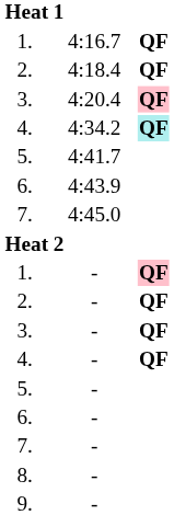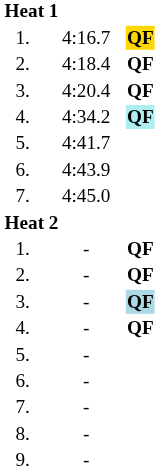 <table style="text-align:center">
 <tr>
 <td colspan=4 align=left><strong>Heat 1</strong></td>
 </tr>
 <tr>
 <td width=30>1.</td>
 <td align=left></td>
 <td width=60>4:16.7</td>
-<td><strong>QF</strong></td>
+<td style="background: gold;"><strong>QF</strong></td>
 </tr>
 <tr>
 <td>2.</td>
 <td align=left></td>
 <td>4:18.4</td>
 <td><strong>QF</strong></td>
 </tr>
 <tr>
 <td>3.</td>
 <td align=left></td>
 <td>4:20.4</td>
-<td style="background: pink;"><strong>QF</strong></td>
+<td><strong>QF</strong></td>
 </tr>
 <tr>
 <td>4.</td>
 <td align=left></td>
 <td>4:34.2</td>
 <td style="background: paleturquoise;"><strong>QF</strong></td>
 </tr>
 <tr>
 <td>5.</td>
 <td align=left></td>
 <td>4:41.7</td>
 <td></td>
 </tr>
 <tr>
 <td>6.</td>
 <td align=left></td>
 <td>4:43.9</td>
 <td></td>
 </tr>
 <tr>
 <td>7.</td>
 <td align=left></td>
 <td>4:45.0</td>
 <td></td>
 </tr>
 <tr>
 <td colspan=4 align=left><strong>Heat 2</strong></td>
 </tr>
 <tr>
 <td>1.</td>
 <td align=left></td>
 <td>-</td>
-<td style="background: pink;"><strong>QF</strong></td>
+<td><strong>QF</strong></td>
 </tr>
 <tr>
 <td>2.</td>
 <td align=left></td>
 <td>-</td>
 <td><strong>QF</strong></td>
 </tr>
 <tr>
 <td>3.</td>
 <td align=left></td>
 <td>-</td>
-<td><strong>QF</strong></td>
+<td style="background: lightblue;"><strong>QF</strong></td>
 </tr>
 <tr>
 <td>4.</td>
 <td align=left></td>
 <td>-</td>
 <td><strong>QF</strong></td>
 </tr>
 <tr>
 <td>5.</td>
 <td align=left></td>
 <td>-</td>
 <td></td>
 </tr>
 <tr>
 <td>6.</td>
 <td align=left></td>
 <td>-</td>
 <td></td>
 </tr>
 <tr>
 <td>7.</td>
 <td align=left></td>
 <td>-</td>
 <td></td>
 </tr>
 <tr>
 <td>8.</td>
 <td align=left></td>
 <td>-</td>
 <td></td>
 </tr>
 <tr>
 <td>9.</td>
 <td align=left></td>
 <td>-</td>
 <td></td>
 </tr>
 </table>
